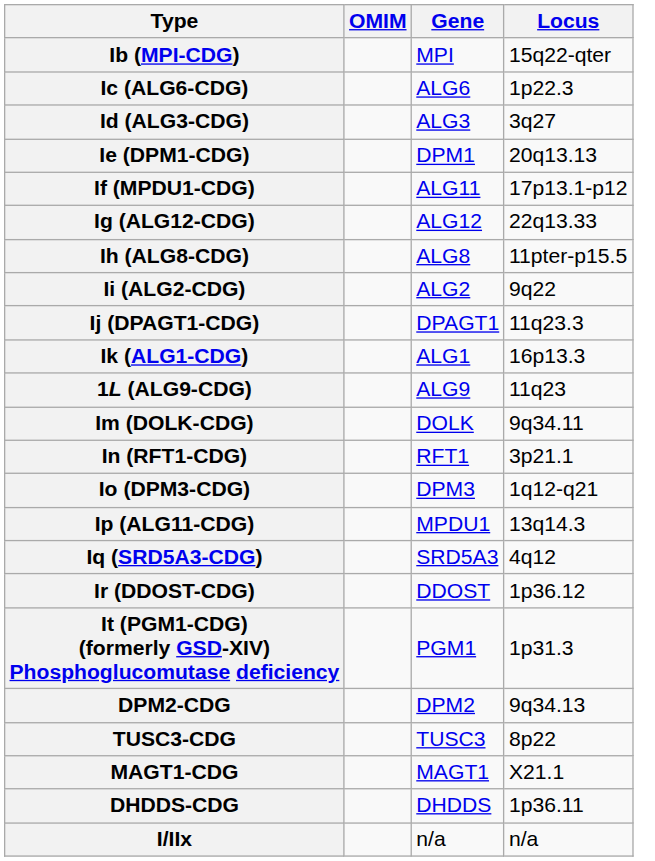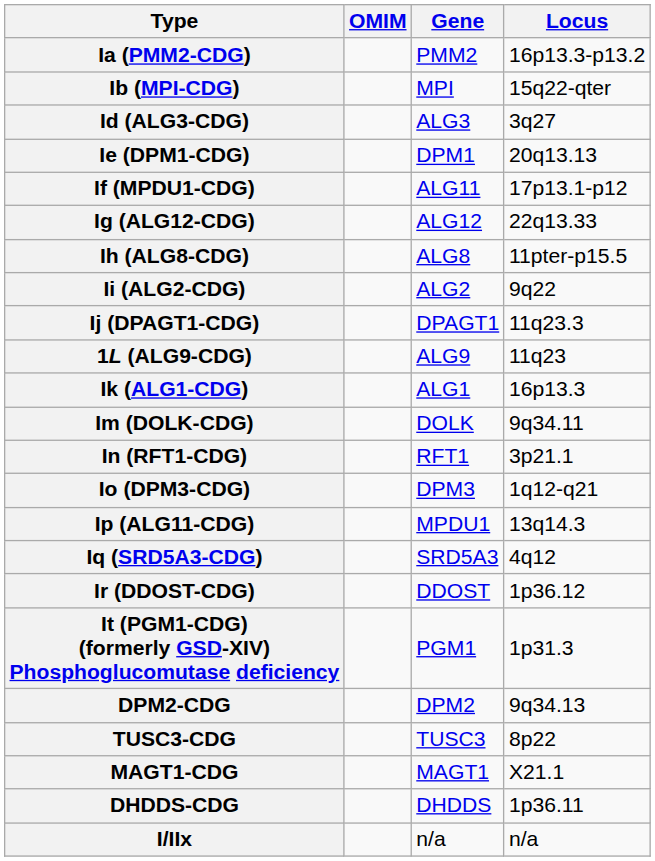 <table class="sortable wikitable plainrowheaders">
 <tr>
 <th scope="col">Type</th>
 <th scope="col"><a href='#'>OMIM</a></th>
 <th scope="col"><a href='#'>Gene</a></th>
 <th scope="col"><a href='#'>Locus</a></th>
 </tr>
 <tr>
+<th scope="row">Ia (<a href='#'>PMM2-CDG</a>)</th>
+<td></td>
+<td><a href='#'>PMM2</a></td>
+<td>16p13.3-p13.2</td>
+</tr>
+<tr>
 <th scope="row">Ib (<a href='#'>MPI-CDG</a>)</th>
 <td></td>
 <td><a href='#'>MPI</a></td>
 <td>15q22-qter</td>
-</tr>
-<tr>
-<th scope="row">Ic (ALG6-CDG)</th>
-<td></td>
-<td><a href='#'>ALG6</a></td>
-<td>1p22.3</td>
 </tr>
 <tr>
 <th scope="row">Id (ALG3-CDG)</th>
 <td></td>
 <td><a href='#'>ALG3</a></td>
 <td>3q27</td>
 </tr>
 <tr>
 <th scope="row">Ie (DPM1-CDG)</th>
 <td></td>
 <td><a href='#'>DPM1</a></td>
 <td>20q13.13</td>
 </tr>
 <tr>
 <th scope="row">If (MPDU1-CDG)</th>
 <td></td>
 <td><a href='#'>ALG11</a></td>
 <td>17p13.1-p12</td>
 </tr>
 <tr>
 <th scope="row">Ig (ALG12-CDG)</th>
 <td></td>
 <td><a href='#'>ALG12</a></td>
 <td>22q13.33</td>
 </tr>
 <tr>
 <th scope="row">Ih (ALG8-CDG)</th>
 <td></td>
 <td><a href='#'>ALG8</a></td>
 <td>11pter-p15.5</td>
 </tr>
 <tr>
 <th scope="row">Ii (ALG2-CDG)</th>
 <td></td>
 <td><a href='#'>ALG2</a></td>
 <td>9q22</td>
 </tr>
 <tr>
 <th scope="row">Ij (DPAGT1-CDG)</th>
 <td></td>
 <td><a href='#'>DPAGT1</a></td>
 <td>11q23.3</td>
 </tr>
 <tr>
+<th scope="row">1<em>L</em> (ALG9-CDG)</th>
+<td></td>
+<td><a href='#'>ALG9</a></td>
+<td>11q23</td>
+</tr>
+<tr>
 <th scope="row">Ik (<a href='#'>ALG1-CDG</a>)</th>
 <td></td>
 <td><a href='#'>ALG1</a></td>
 <td>16p13.3</td>
-</tr>
-<tr>
-<th scope="row">1<em>L</em> (ALG9-CDG)</th>
-<td></td>
-<td><a href='#'>ALG9</a></td>
-<td>11q23</td>
 </tr>
 <tr>
 <th scope="row">Im (DOLK-CDG)</th>
 <td></td>
 <td><a href='#'>DOLK</a></td>
 <td>9q34.11</td>
 </tr>
 <tr>
 <th scope="row">In (RFT1-CDG)</th>
 <td></td>
 <td><a href='#'>RFT1</a></td>
 <td>3p21.1</td>
 </tr>
 <tr>
 <th scope="row">Io (DPM3-CDG)</th>
 <td></td>
 <td><a href='#'>DPM3</a></td>
 <td>1q12-q21</td>
 </tr>
 <tr>
 <th scope="row">Ip (ALG11-CDG)</th>
 <td></td>
 <td><a href='#'>MPDU1</a></td>
 <td>13q14.3</td>
 </tr>
 <tr>
 <th scope="row">Iq (<a href='#'>SRD5A3-CDG</a>)</th>
 <td></td>
 <td><a href='#'>SRD5A3</a></td>
 <td>4q12</td>
 </tr>
 <tr>
 <th scope="row">Ir (DDOST-CDG)</th>
 <td></td>
 <td><a href='#'>DDOST</a></td>
 <td>1p36.12</td>
 </tr>
 <tr>
 <th scope="row">It (PGM1-CDG)<br>(formerly <a href='#'>GSD</a>-XIV)<br><a href='#'>Phosphoglucomutase</a> <a href='#'>deficiency</a></th>
 <td></td>
 <td><a href='#'>PGM1</a></td>
 <td>1p31.3</td>
 </tr>
 <tr>
 <th scope="row">DPM2-CDG</th>
 <td></td>
 <td><a href='#'>DPM2</a></td>
 <td>9q34.13</td>
 </tr>
 <tr>
 <th scope="row">TUSC3-CDG</th>
 <td></td>
 <td><a href='#'>TUSC3</a></td>
 <td>8p22</td>
 </tr>
 <tr>
 <th scope="row">MAGT1-CDG</th>
 <td></td>
 <td><a href='#'>MAGT1</a></td>
 <td>X21.1</td>
 </tr>
 <tr>
 <th scope="row">DHDDS-CDG</th>
 <td></td>
 <td><a href='#'>DHDDS</a></td>
 <td>1p36.11</td>
 </tr>
 <tr>
 <th scope="row">I/IIx</th>
 <td></td>
 <td>n/a</td>
 <td>n/a</td>
 </tr>
 </table>
